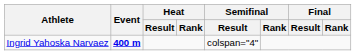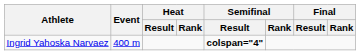 <table class="wikitable" style="font-size:90%">
 <tr>
 <th rowspan="2">Athlete</th>
 <th rowspan="2">Event</th>
 <th colspan="2">Heat</th>
 <th colspan="2">Semifinal</th>
 <th colspan="2">Final</th>
 </tr>
 <tr>
 <th>Result</th>
 <th>Rank</th>
 <th>Result</th>
 <th>Rank</th>
 <th>Result</th>
 <th>Rank</th>
 </tr>
 <tr style=text-align:center>
 <td style=text-align:left><a href='#'>Ingrid Yahoska Narvaez</a></td>
-<td style=text-align:left><strong><a href='#'>400 m</a></strong></td>
+<td style=text-align:left><a href='#'>400 m</a></td>
 <td colspan="2"></td>
-<td>colspan="4" </td>
+<td><strong>colspan="4" </strong></td>
 </tr>
 </table>
